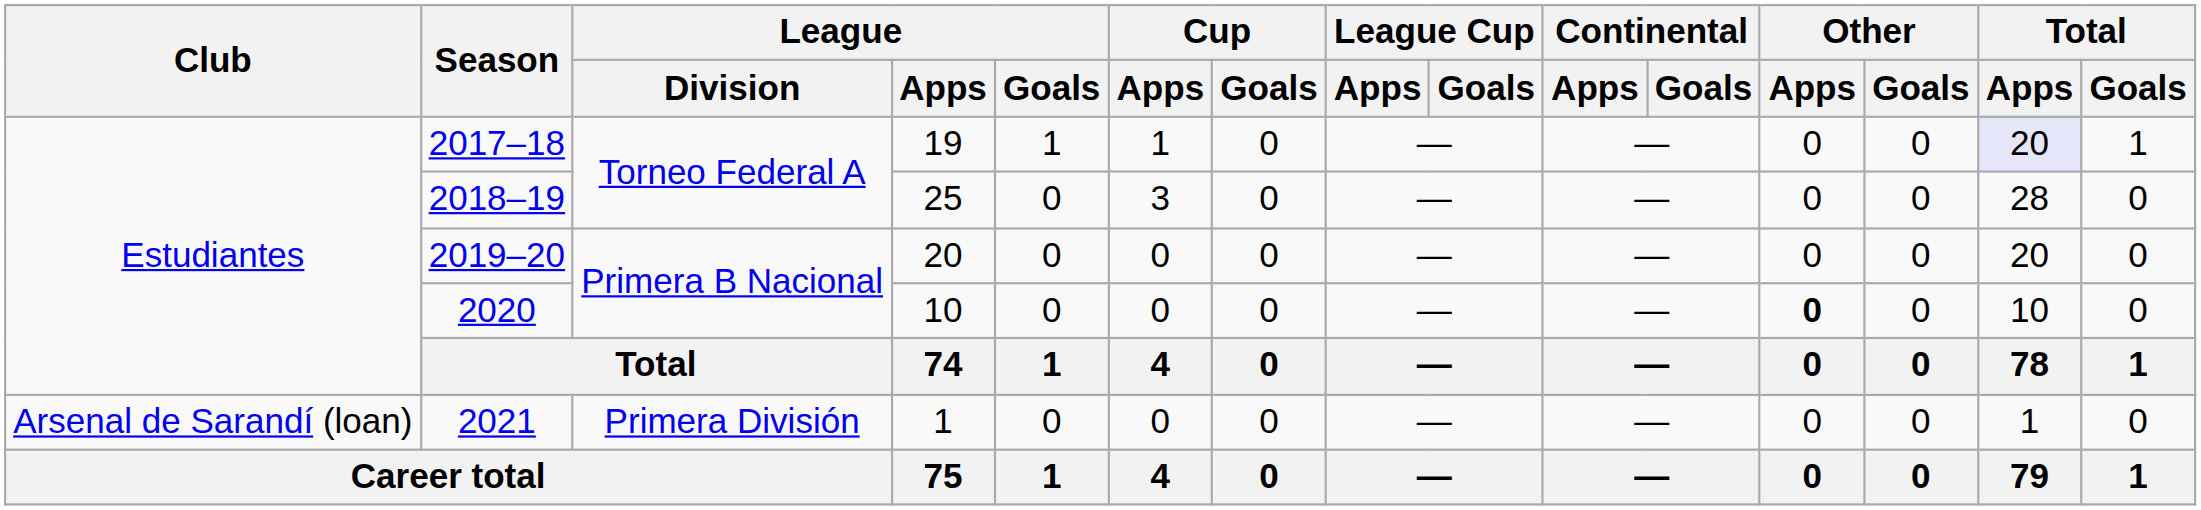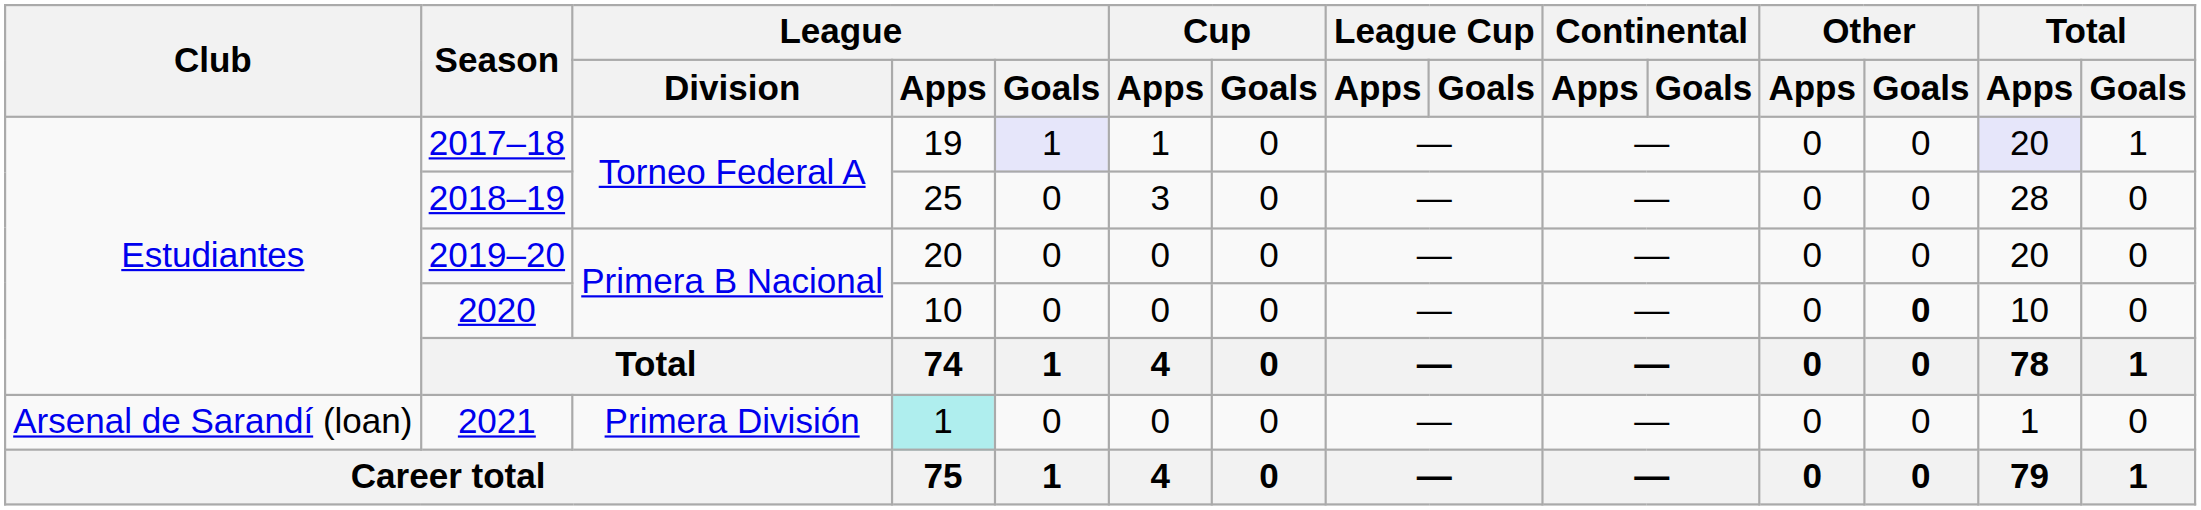 <table class="wikitable" style="text-align:center">
 <tr>
 <th rowspan="2">Club</th>
 <th rowspan="2">Season</th>
 <th colspan="3">League</th>
 <th colspan="2">Cup</th>
 <th colspan="2">League Cup</th>
 <th colspan="2">Continental</th>
 <th colspan="2">Other</th>
 <th colspan="2">Total</th>
 </tr>
 <tr>
 <th>Division</th>
 <th>Apps</th>
 <th>Goals</th>
 <th>Apps</th>
 <th>Goals</th>
 <th>Apps</th>
 <th>Goals</th>
 <th>Apps</th>
 <th>Goals</th>
 <th>Apps</th>
 <th>Goals</th>
 <th>Apps</th>
 <th>Goals</th>
 </tr>
 <tr>
 <td rowspan="5"><a href='#'>Estudiantes</a></td>
 <td><a href='#'>2017–18</a></td>
 <td rowspan="2"><a href='#'>Torneo Federal A</a></td>
 <td>19</td>
-<td>1</td>
+<td style="background: lavender;">1</td>
 <td>1</td>
 <td>0</td>
 <td colspan="2">—</td>
 <td colspan="2">—</td>
 <td>0</td>
 <td>0</td>
 <td style="background: lavender;">20</td>
 <td>1</td>
 </tr>
 <tr>
 <td><a href='#'>2018–19</a></td>
 <td>25</td>
 <td>0</td>
 <td>3</td>
 <td>0</td>
 <td colspan="2">—</td>
 <td colspan="2">—</td>
 <td>0</td>
 <td>0</td>
 <td>28</td>
 <td>0</td>
 </tr>
 <tr>
 <td><a href='#'>2019–20</a></td>
 <td rowspan="2"><a href='#'>Primera B Nacional</a></td>
 <td>20</td>
 <td>0</td>
 <td>0</td>
 <td>0</td>
 <td colspan="2">—</td>
 <td colspan="2">—</td>
 <td>0</td>
 <td>0</td>
 <td>20</td>
 <td>0</td>
 </tr>
 <tr>
 <td><a href='#'>2020</a></td>
 <td>10</td>
 <td>0</td>
 <td>0</td>
 <td>0</td>
 <td colspan="2">—</td>
 <td colspan="2">—</td>
+<td>0</td>
 <td><strong>0</strong></td>
-<td>0</td>
 <td>10</td>
 <td>0</td>
 </tr>
 <tr>
 <th colspan="2">Total</th>
 <th>74</th>
 <th>1</th>
 <th>4</th>
 <th>0</th>
 <th colspan="2">—</th>
 <th colspan="2">—</th>
 <th>0</th>
 <th>0</th>
 <th>78</th>
 <th>1</th>
 </tr>
 <tr>
 <td rowspan="1"><a href='#'>Arsenal de Sarandí</a> (loan)</td>
 <td><a href='#'>2021</a></td>
 <td rowspan="1"><a href='#'>Primera División</a></td>
-<td>1</td>
+<td style="background: paleturquoise;">1</td>
 <td>0</td>
 <td>0</td>
 <td>0</td>
 <td colspan="2">—</td>
 <td colspan="2">—</td>
 <td>0</td>
 <td>0</td>
 <td>1</td>
 <td>0</td>
 </tr>
 <tr>
 <th colspan="3">Career total</th>
 <th>75</th>
 <th>1</th>
 <th>4</th>
 <th>0</th>
 <th colspan="2">—</th>
 <th colspan="2">—</th>
 <th>0</th>
 <th>0</th>
 <th>79</th>
 <th>1</th>
 </tr>
 </table>
